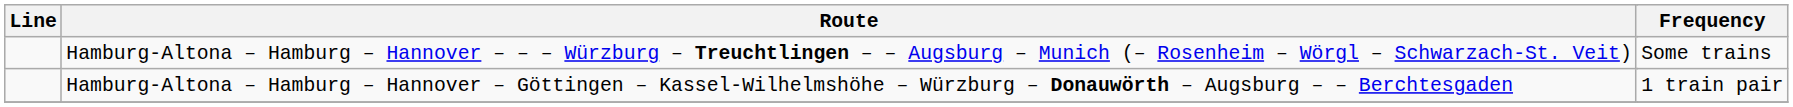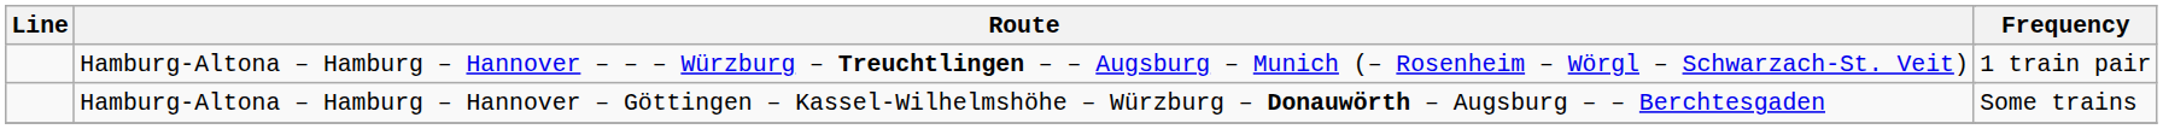 <table class="wikitable">
 <tr>
 <th>Line</th>
 <th colspan="2">Route</th>
 <th>Frequency</th>
 </tr>
 <tr>
 <td></td>
 <td colspan=2>Hamburg-Altona – Hamburg – <a href='#'>Hannover</a> –  –  – <a href='#'>Würzburg</a> – <strong>Treuchtlingen</strong> –  – <a href='#'>Augsburg</a> – <a href='#'>Munich</a> (– <a href='#'>Rosenheim</a> – <a href='#'>Wörgl</a> – <a href='#'>Schwarzach-St. Veit</a>)</td>
-<td>Some trains</td>
+<td>1 train pair</td>
 </tr>
 <tr>
 <td></td>
 <td colspan=2>Hamburg-Altona – Hamburg – Hannover – Göttingen – Kassel-Wilhelmshöhe – Würzburg – <strong>Donauwörth</strong> – Augsburg –  – <a href='#'>Berchtesgaden</a></td>
-<td>1 train pair</td>
+<td>Some trains</td>
 </tr>
 <tr>
 </tr>
 </table>
